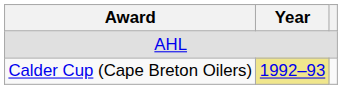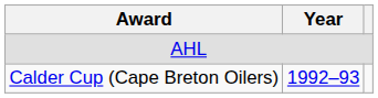 <table class="wikitable">
 <tr>
 <th>Award</th>
 <th>Year</th>
 <th></th>
 </tr>
 <tr ALIGN="center" bgcolor="#e0e0e0">
 <td colspan="3"><a href='#'>AHL</a></td>
 </tr>
 <tr>
 <td><a href='#'>Calder Cup</a> (Cape Breton Oilers)</td>
-<td style="background: khaki;"><a href='#'>1992–93</a></td>
+<td><a href='#'>1992–93</a></td>
 <td></td>
 </tr>
 </table>
